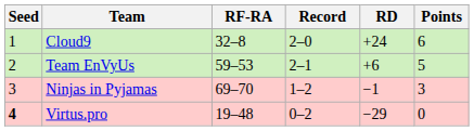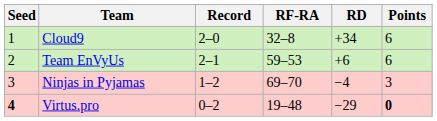 <table class="wikitable sortable" style=font-size:100%>
 <tr>
 <th width=30px>Seed</th>
 <th width=170px>Team</th>
+<th width=70px>Record</th>
 <th width=70px>RF-RA</th>
-<th width=70px>Record</th>
 <th width=50px>RD</th>
 <th width=50px>Points</th>
 </tr>
 <tr style="background: #D0F0C0;">
 <td>1</td>
 <td><a href='#'>Cloud9</a></td>
+<td>2–0</td>
 <td>32–8</td>
-<td>2–0</td>
-<td>+24</td>
+<td>+34</td>
 <td>6</td>
 </tr>
 <tr style="background: #D0F0C0;">
 <td>2</td>
 <td><a href='#'>Team EnVyUs</a></td>
+<td>2–1</td>
 <td>59–53</td>
-<td>2–1</td>
 <td>+6</td>
-<td>5</td>
+<td>6</td>
 </tr>
 <tr style="background: #FFCCCC;">
 <td>3</td>
 <td><a href='#'>Ninjas in Pyjamas</a></td>
+<td>1–2</td>
 <td>69–70</td>
-<td>1–2</td>
-<td>−1</td>
+<td>−4</td>
 <td>3</td>
 </tr>
 <tr style="background: #FFCCCC;">
 <td><strong>4</strong></td>
 <td><a href='#'>Virtus.pro</a></td>
+<td>0–2</td>
 <td>19–48</td>
-<td>0–2</td>
 <td>−29</td>
-<td>0</td>
+<td><strong>0</strong></td>
 </tr>
 </table>
